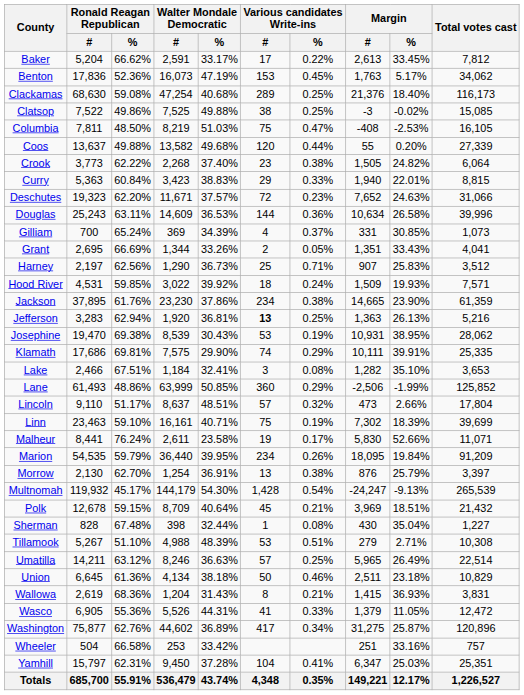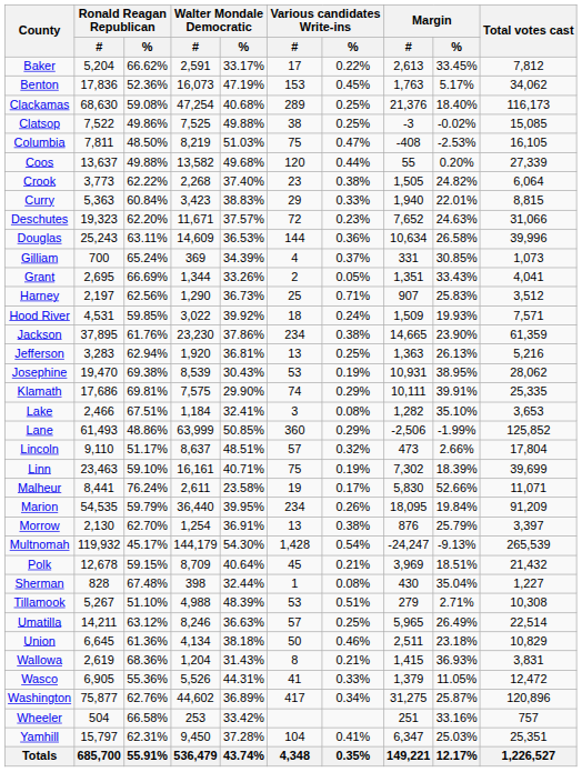 <table width="60%" class="wikitable sortable" style="text-align:center">
 <tr>
 <th style="text-align:center;" rowspan="2">County</th>
 <th style="text-align:center;" colspan="2">Ronald Reagan<br>Republican</th>
 <th style="text-align:center;" colspan="2">Walter Mondale<br>Democratic</th>
 <th style="text-align:center;" colspan="2">Various candidates<br>Write-ins</th>
 <th style="text-align:center;" colspan="2">Margin</th>
 <th style="text-align:center;" rowspan="2">Total votes cast</th>
 </tr>
 <tr>
 <th style="text-align:center;" data-sort-type="number">#</th>
 <th style="text-align:center;" data-sort-type="number">%</th>
 <th style="text-align:center;" data-sort-type="number">#</th>
 <th style="text-align:center;" data-sort-type="number">%</th>
 <th style="text-align:center;" data-sort-type="number">#</th>
 <th style="text-align:center;" data-sort-type="number">%</th>
 <th style="text-align:center;" data-sort-type="number">#</th>
 <th style="text-align:center;" data-sort-type="number">%</th>
 </tr>
 <tr style="text-align:center;">
 <td><a href='#'>Baker</a></td>
 <td>5,204</td>
 <td>66.62%</td>
 <td>2,591</td>
 <td>33.17%</td>
 <td>17</td>
 <td>0.22%</td>
 <td>2,613</td>
 <td>33.45%</td>
 <td>7,812</td>
 </tr>
 <tr style="text-align:center;">
 <td><a href='#'>Benton</a></td>
 <td>17,836</td>
 <td>52.36%</td>
 <td>16,073</td>
 <td>47.19%</td>
 <td>153</td>
 <td>0.45%</td>
 <td>1,763</td>
 <td>5.17%</td>
 <td>34,062</td>
 </tr>
 <tr style="text-align:center;">
 <td><a href='#'>Clackamas</a></td>
 <td>68,630</td>
 <td>59.08%</td>
 <td>47,254</td>
 <td>40.68%</td>
 <td>289</td>
 <td>0.25%</td>
 <td>21,376</td>
 <td>18.40%</td>
 <td>116,173</td>
 </tr>
 <tr style="text-align:center;">
 <td><a href='#'>Clatsop</a></td>
 <td>7,522</td>
 <td>49.86%</td>
 <td>7,525</td>
 <td>49.88%</td>
 <td>38</td>
 <td>0.25%</td>
 <td>-3</td>
 <td>-0.02%</td>
 <td>15,085</td>
 </tr>
 <tr style="text-align:center;">
 <td><a href='#'>Columbia</a></td>
 <td>7,811</td>
 <td>48.50%</td>
 <td>8,219</td>
 <td>51.03%</td>
 <td>75</td>
 <td>0.47%</td>
 <td>-408</td>
 <td>-2.53%</td>
 <td>16,105</td>
 </tr>
 <tr style="text-align:center;">
 <td><a href='#'>Coos</a></td>
 <td>13,637</td>
 <td>49.88%</td>
 <td>13,582</td>
 <td>49.68%</td>
 <td>120</td>
 <td>0.44%</td>
 <td>55</td>
 <td>0.20%</td>
 <td>27,339</td>
 </tr>
 <tr style="text-align:center;">
 <td><a href='#'>Crook</a></td>
 <td>3,773</td>
 <td>62.22%</td>
 <td>2,268</td>
 <td>37.40%</td>
 <td>23</td>
 <td>0.38%</td>
 <td>1,505</td>
 <td>24.82%</td>
 <td>6,064</td>
 </tr>
 <tr style="text-align:center;">
 <td><a href='#'>Curry</a></td>
 <td>5,363</td>
 <td>60.84%</td>
 <td>3,423</td>
 <td>38.83%</td>
 <td>29</td>
 <td>0.33%</td>
 <td>1,940</td>
 <td>22.01%</td>
 <td>8,815</td>
 </tr>
 <tr style="text-align:center;">
 <td><a href='#'>Deschutes</a></td>
 <td>19,323</td>
 <td>62.20%</td>
 <td>11,671</td>
 <td>37.57%</td>
 <td>72</td>
 <td>0.23%</td>
 <td>7,652</td>
 <td>24.63%</td>
 <td>31,066</td>
 </tr>
 <tr style="text-align:center;">
 <td><a href='#'>Douglas</a></td>
 <td>25,243</td>
 <td>63.11%</td>
 <td>14,609</td>
 <td>36.53%</td>
 <td>144</td>
 <td>0.36%</td>
 <td>10,634</td>
 <td>26.58%</td>
 <td>39,996</td>
 </tr>
 <tr style="text-align:center;">
 <td><a href='#'>Gilliam</a></td>
 <td>700</td>
 <td>65.24%</td>
 <td>369</td>
 <td>34.39%</td>
 <td>4</td>
 <td>0.37%</td>
 <td>331</td>
 <td>30.85%</td>
 <td>1,073</td>
 </tr>
 <tr style="text-align:center;">
 <td><a href='#'>Grant</a></td>
 <td>2,695</td>
 <td>66.69%</td>
 <td>1,344</td>
 <td>33.26%</td>
 <td>2</td>
 <td>0.05%</td>
 <td>1,351</td>
 <td>33.43%</td>
 <td>4,041</td>
 </tr>
 <tr style="text-align:center;">
 <td><a href='#'>Harney</a></td>
 <td>2,197</td>
 <td>62.56%</td>
 <td>1,290</td>
 <td>36.73%</td>
 <td>25</td>
 <td>0.71%</td>
 <td>907</td>
 <td>25.83%</td>
 <td>3,512</td>
 </tr>
 <tr style="text-align:center;">
 <td><a href='#'>Hood River</a></td>
 <td>4,531</td>
 <td>59.85%</td>
 <td>3,022</td>
 <td>39.92%</td>
 <td>18</td>
 <td>0.24%</td>
 <td>1,509</td>
 <td>19.93%</td>
 <td>7,571</td>
 </tr>
 <tr style="text-align:center;">
 <td><a href='#'>Jackson</a></td>
 <td>37,895</td>
 <td>61.76%</td>
 <td>23,230</td>
 <td>37.86%</td>
 <td>234</td>
 <td>0.38%</td>
 <td>14,665</td>
 <td>23.90%</td>
 <td>61,359</td>
 </tr>
 <tr style="text-align:center;">
 <td><a href='#'>Jefferson</a></td>
 <td>3,283</td>
 <td>62.94%</td>
 <td>1,920</td>
 <td>36.81%</td>
-<td><strong>13</strong></td>
+<td>13</td>
 <td>0.25%</td>
 <td>1,363</td>
 <td>26.13%</td>
 <td>5,216</td>
 </tr>
 <tr style="text-align:center;">
 <td><a href='#'>Josephine</a></td>
 <td>19,470</td>
 <td>69.38%</td>
 <td>8,539</td>
 <td>30.43%</td>
 <td>53</td>
 <td>0.19%</td>
 <td>10,931</td>
 <td>38.95%</td>
 <td>28,062</td>
 </tr>
 <tr style="text-align:center;">
 <td><a href='#'>Klamath</a></td>
 <td>17,686</td>
 <td>69.81%</td>
 <td>7,575</td>
 <td>29.90%</td>
 <td>74</td>
 <td>0.29%</td>
 <td>10,111</td>
 <td>39.91%</td>
 <td>25,335</td>
 </tr>
 <tr style="text-align:center;">
 <td><a href='#'>Lake</a></td>
 <td>2,466</td>
 <td>67.51%</td>
 <td>1,184</td>
 <td>32.41%</td>
 <td>3</td>
 <td>0.08%</td>
 <td>1,282</td>
 <td>35.10%</td>
 <td>3,653</td>
 </tr>
 <tr style="text-align:center;">
 <td><a href='#'>Lane</a></td>
 <td>61,493</td>
 <td>48.86%</td>
 <td>63,999</td>
 <td>50.85%</td>
 <td>360</td>
 <td>0.29%</td>
 <td>-2,506</td>
 <td>-1.99%</td>
 <td>125,852</td>
 </tr>
 <tr style="text-align:center;">
 <td><a href='#'>Lincoln</a></td>
 <td>9,110</td>
 <td>51.17%</td>
 <td>8,637</td>
 <td>48.51%</td>
 <td>57</td>
 <td>0.32%</td>
 <td>473</td>
 <td>2.66%</td>
 <td>17,804</td>
 </tr>
 <tr style="text-align:center;">
 <td><a href='#'>Linn</a></td>
 <td>23,463</td>
 <td>59.10%</td>
 <td>16,161</td>
 <td>40.71%</td>
 <td>75</td>
 <td>0.19%</td>
 <td>7,302</td>
 <td>18.39%</td>
 <td>39,699</td>
 </tr>
 <tr style="text-align:center;">
 <td><a href='#'>Malheur</a></td>
 <td>8,441</td>
 <td>76.24%</td>
 <td>2,611</td>
 <td>23.58%</td>
 <td>19</td>
 <td>0.17%</td>
 <td>5,830</td>
 <td>52.66%</td>
 <td>11,071</td>
 </tr>
 <tr style="text-align:center;">
 <td><a href='#'>Marion</a></td>
 <td>54,535</td>
 <td>59.79%</td>
 <td>36,440</td>
 <td>39.95%</td>
 <td>234</td>
 <td>0.26%</td>
 <td>18,095</td>
 <td>19.84%</td>
 <td>91,209</td>
 </tr>
 <tr style="text-align:center;">
 <td><a href='#'>Morrow</a></td>
 <td>2,130</td>
 <td>62.70%</td>
 <td>1,254</td>
 <td>36.91%</td>
 <td>13</td>
 <td>0.38%</td>
 <td>876</td>
 <td>25.79%</td>
 <td>3,397</td>
 </tr>
 <tr style="text-align:center;">
 <td><a href='#'>Multnomah</a></td>
 <td>119,932</td>
 <td>45.17%</td>
 <td>144,179</td>
 <td>54.30%</td>
 <td>1,428</td>
 <td>0.54%</td>
 <td>-24,247</td>
 <td>-9.13%</td>
 <td>265,539</td>
 </tr>
 <tr style="text-align:center;">
 <td><a href='#'>Polk</a></td>
 <td>12,678</td>
 <td>59.15%</td>
 <td>8,709</td>
 <td>40.64%</td>
 <td>45</td>
 <td>0.21%</td>
 <td>3,969</td>
 <td>18.51%</td>
 <td>21,432</td>
 </tr>
 <tr style="text-align:center;">
 <td><a href='#'>Sherman</a></td>
 <td>828</td>
 <td>67.48%</td>
 <td>398</td>
 <td>32.44%</td>
 <td>1</td>
 <td>0.08%</td>
 <td>430</td>
 <td>35.04%</td>
 <td>1,227</td>
 </tr>
 <tr style="text-align:center;">
 <td><a href='#'>Tillamook</a></td>
 <td>5,267</td>
 <td>51.10%</td>
 <td>4,988</td>
 <td>48.39%</td>
 <td>53</td>
 <td>0.51%</td>
 <td>279</td>
 <td>2.71%</td>
 <td>10,308</td>
 </tr>
 <tr style="text-align:center;">
 <td><a href='#'>Umatilla</a></td>
 <td>14,211</td>
 <td>63.12%</td>
 <td>8,246</td>
 <td>36.63%</td>
 <td>57</td>
 <td>0.25%</td>
 <td>5,965</td>
 <td>26.49%</td>
 <td>22,514</td>
 </tr>
 <tr style="text-align:center;">
 <td><a href='#'>Union</a></td>
 <td>6,645</td>
 <td>61.36%</td>
 <td>4,134</td>
 <td>38.18%</td>
 <td>50</td>
 <td>0.46%</td>
 <td>2,511</td>
 <td>23.18%</td>
 <td>10,829</td>
 </tr>
 <tr style="text-align:center;">
 <td><a href='#'>Wallowa</a></td>
 <td>2,619</td>
 <td>68.36%</td>
 <td>1,204</td>
 <td>31.43%</td>
 <td>8</td>
 <td>0.21%</td>
 <td>1,415</td>
 <td>36.93%</td>
 <td>3,831</td>
 </tr>
 <tr style="text-align:center;">
 <td><a href='#'>Wasco</a></td>
 <td>6,905</td>
 <td>55.36%</td>
 <td>5,526</td>
 <td>44.31%</td>
 <td>41</td>
 <td>0.33%</td>
 <td>1,379</td>
 <td>11.05%</td>
 <td>12,472</td>
 </tr>
 <tr style="text-align:center;">
 <td><a href='#'>Washington</a></td>
 <td>75,877</td>
 <td>62.76%</td>
 <td>44,602</td>
 <td>36.89%</td>
 <td>417</td>
 <td>0.34%</td>
 <td>31,275</td>
 <td>25.87%</td>
 <td>120,896</td>
 </tr>
 <tr style="text-align:center;">
 <td><a href='#'>Wheeler</a></td>
 <td>504</td>
 <td>66.58%</td>
 <td>253</td>
 <td>33.42%</td>
 <td></td>
 <td></td>
 <td>251</td>
 <td>33.16%</td>
 <td>757</td>
 </tr>
 <tr style="text-align:center;">
 <td><a href='#'>Yamhill</a></td>
 <td>15,797</td>
 <td>62.31%</td>
 <td>9,450</td>
 <td>37.28%</td>
 <td>104</td>
 <td>0.41%</td>
 <td>6,347</td>
 <td>25.03%</td>
 <td>25,351</td>
 </tr>
 <tr style="text-align:center;">
 <th>Totals</th>
 <th>685,700</th>
 <th>55.91%</th>
 <th>536,479</th>
 <th>43.74%</th>
 <th>4,348</th>
 <th>0.35%</th>
 <th>149,221</th>
 <th>12.17%</th>
 <th>1,226,527</th>
 </tr>
 </table>
